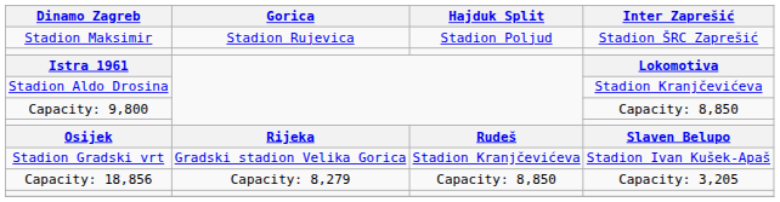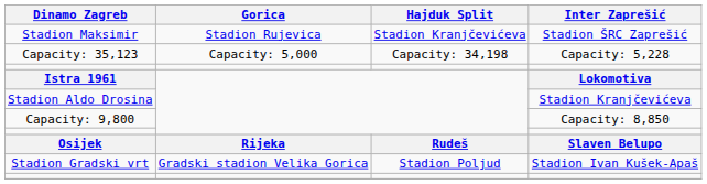 <table class="wikitable" style="text-align:center;">
 <tr>
 <th><a href='#'>Dinamo Zagreb</a></th>
 <th><a href='#'>Gorica</a></th>
 <th><a href='#'>Hajduk Split</a></th>
 <th><a href='#'>Inter Zaprešić</a></th>
 </tr>
 <tr>
 <td><a href='#'>Stadion Maksimir</a></td>
 <td><a href='#'>Stadion Rujevica</a></td>
-<td><a href='#'>Stadion Poljud</a></td>
+<td><a href='#'>Stadion Kranjčevićeva</a></td>
 <td><a href='#'>Stadion ŠRC Zaprešić</a></td>
+</tr>
+<tr>
+<td>Capacity: 35,123</td>
+<td>Capacity: 5,000</td>
+<td>Capacity: 34,198</td>
+<td>Capacity: 5,228</td>
 </tr>
 <tr>
 <td></td>
 <td></td>
 <td></td>
 <td></td>
 </tr>
 <tr>
 <th><a href='#'>Istra 1961</a></th>
 <td colspan="2" rowspan="4"><br> </td>
 <th><a href='#'>Lokomotiva</a></th>
 </tr>
 <tr>
 <td><a href='#'>Stadion Aldo Drosina</a></td>
 <td><a href='#'>Stadion Kranjčevićeva</a></td>
 </tr>
 <tr>
 <td>Capacity: 9,800</td>
 <td>Capacity: 8,850</td>
 </tr>
 <tr>
 <td></td>
 <td></td>
 </tr>
 <tr>
 <th><a href='#'>Osijek</a></th>
 <th><a href='#'>Rijeka</a></th>
 <th><a href='#'>Rudeš</a></th>
 <th><a href='#'>Slaven Belupo</a></th>
 </tr>
 <tr>
 <td><a href='#'>Stadion Gradski vrt</a></td>
 <td><a href='#'>Gradski stadion Velika Gorica</a></td>
-<td><a href='#'>Stadion Kranjčevićeva</a></td>
+<td><a href='#'>Stadion Poljud</a></td>
 <td><a href='#'>Stadion Ivan Kušek-Apaš</a></td>
-</tr>
-<tr>
-<td>Capacity: 18,856</td>
-<td>Capacity: 8,279</td>
-<td>Capacity: 8,850</td>
-<td>Capacity: 3,205</td>
 </tr>
 <tr>
 <td></td>
 <td></td>
 <td></td>
 <td></td>
 </tr>
 <tr>
 </tr>
 </table>
